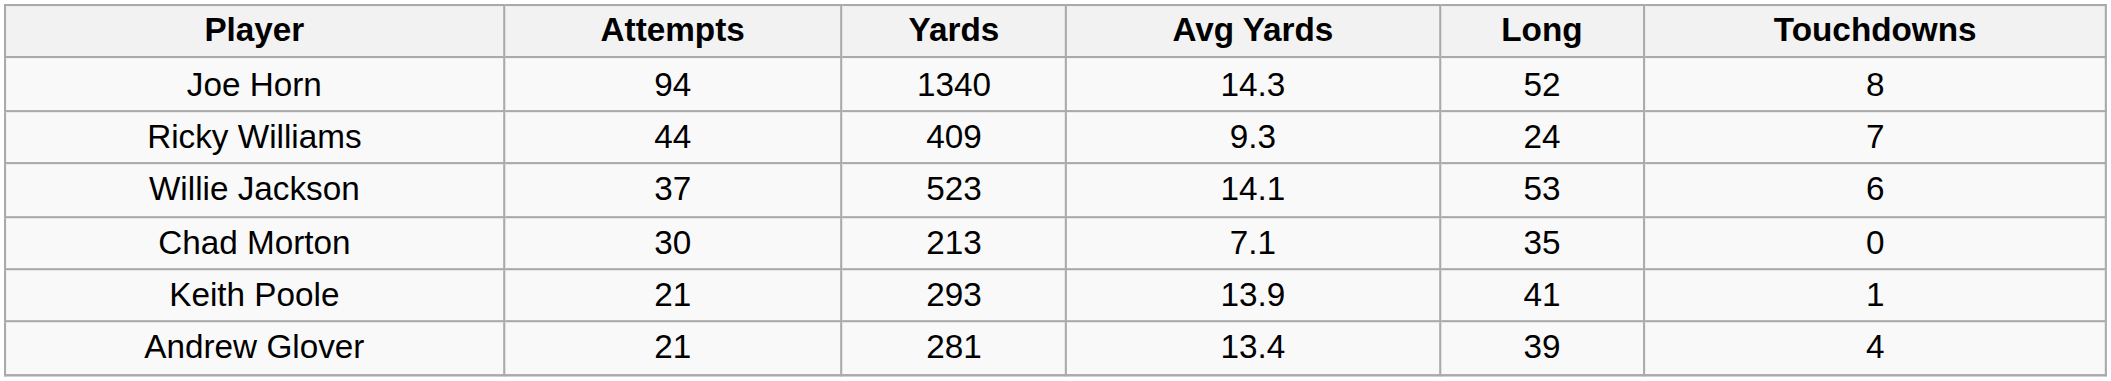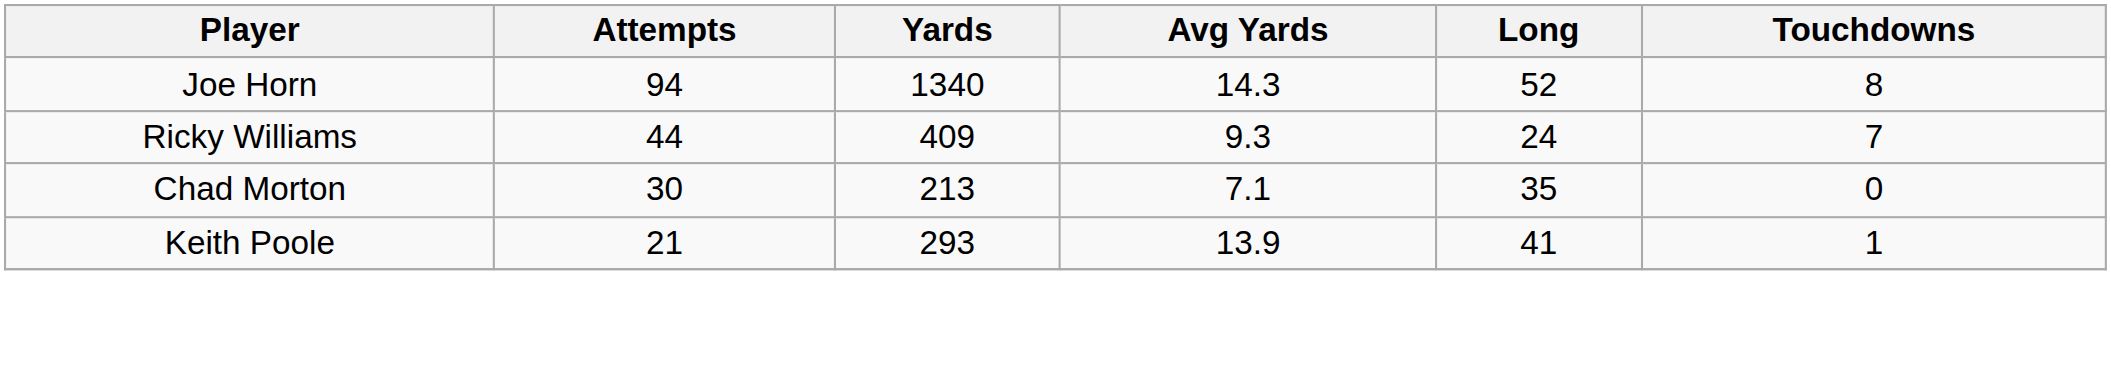 <table class="wikitable" width="80%">
 <tr align="center">
 <th>Player</th>
 <th>Attempts</th>
 <th>Yards</th>
 <th>Avg Yards</th>
 <th>Long</th>
 <th>Touchdowns</th>
 </tr>
 <tr align="center" bgcolor="">
 <td>Joe Horn</td>
 <td>94</td>
 <td>1340</td>
 <td>14.3</td>
 <td>52</td>
 <td>8</td>
 </tr>
 <tr align="center" bgcolor="">
 <td>Ricky Williams</td>
 <td>44</td>
 <td>409</td>
 <td>9.3</td>
 <td>24</td>
 <td>7</td>
 </tr>
 <tr align="center" bgcolor="">
-<td>Willie Jackson</td>
-<td>37</td>
-<td>523</td>
-<td>14.1</td>
-<td>53</td>
-<td>6</td>
-</tr>
-<tr align="center" bgcolor="">
 <td>Chad Morton</td>
 <td>30</td>
 <td>213</td>
 <td>7.1</td>
 <td>35</td>
 <td>0</td>
 </tr>
 <tr align="center" bgcolor="">
 <td>Keith Poole</td>
 <td>21</td>
 <td>293</td>
 <td>13.9</td>
 <td>41</td>
 <td>1</td>
 </tr>
 <tr align="center" bgcolor="">
-<td>Andrew Glover</td>
-<td>21</td>
-<td>281</td>
-<td>13.4</td>
-<td>39</td>
-<td>4</td>
-</tr>
-<tr align="center" bgcolor="">
 </tr>
 </table>
